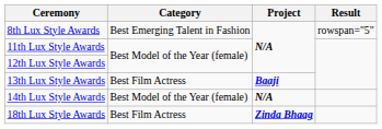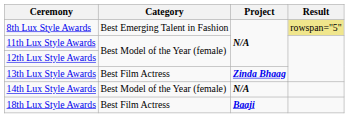 <table class="wikitable style">
 <tr>
 <th>Ceremony</th>
 <th>Category</th>
 <th>Project</th>
 <th>Result</th>
 </tr>
 <tr>
 <td><a href='#'>8th Lux Style Awards</a></td>
 <td>Best Emerging Talent in Fashion</td>
 <td rowspan="3"><strong><em>N/A</em></strong></td>
-<td>rowspan="5" </td>
+<td style="background: khaki;">rowspan="5" </td>
 </tr>
 <tr>
 <td><a href='#'>11th Lux Style Awards</a></td>
 <td rowspan="2">Best Model of the Year (female)</td>
 </tr>
 <tr>
 <td><a href='#'>12th Lux Style Awards</a></td>
 </tr>
 <tr>
 <td rowspan="2"><a href='#'>13th Lux Style Awards</a></td>
 <td>Best Film Actress</td>
-<td><strong><em><a href='#'>Baaji</a></em></strong></td>
+<td><strong><em><a href='#'>Zinda Bhaag</a></em></strong></td>
 </tr>
 <tr>
 <td rowspan="2">Best Model of the Year (female)</td>
 <td rowspan="2"><strong><em>N/A</em></strong></td>
 </tr>
 <tr>
 <td><a href='#'>14th Lux Style Awards</a></td>
 <td></td>
 </tr>
 <tr>
 <td><a href='#'>18th Lux Style Awards</a></td>
 <td>Best Film Actress</td>
-<td><strong><em><a href='#'>Zinda Bhaag</a></em></strong></td>
+<td><strong><em><a href='#'>Baaji</a></em></strong></td>
 <td></td>
 </tr>
 </table>
